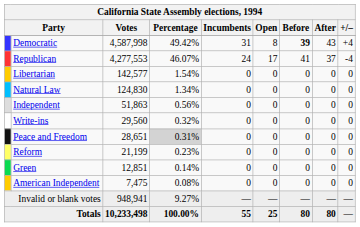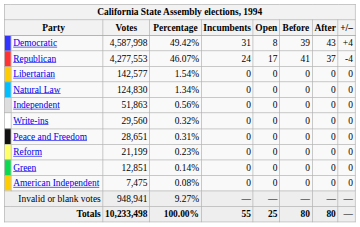 <table class="wikitable" style="font-size:95%;">
 <tr>
 <th colspan="9">California State Assembly elections, 1994</th>
 </tr>
 <tr>
 <th colspan=2 style="width: 10em">Party</th>
 <th style="width: 4em">Votes</th>
 <th style="width: 5em">Percentage</th>
 <th style="width: 5em">Incumbents</th>
 <th style="width: 2em">Open</th>
 <th style="width: 3em">Before</th>
 <th style="width: 2em">After</th>
 <th style="width: 1em">+/–</th>
 </tr>
 <tr>
 </tr>
 <tr>
 <th style="background-color:#3333FF; width: 3px"></th>
 <td style="width: 130px"><a href='#'>Democratic</a></td>
 <td align="right">4,587,998</td>
 <td align="right">49.42%</td>
 <td align="right">31</td>
 <td align="right">8</td>
-<td align="right"><strong>39</strong></td>
+<td align="right">39</td>
 <td align="right">43</td>
 <td align="right">+4</td>
 </tr>
 <tr>
 <th style="background-color:#FF3333; width: 3px"></th>
 <td style="width: 130px"><a href='#'>Republican</a></td>
 <td align="right">4,277,553</td>
 <td align="right">46.07%</td>
 <td align="right">24</td>
 <td align="right">17</td>
 <td align="right">41</td>
 <td align="right">37</td>
 <td align="right">-4</td>
 </tr>
 <tr>
 <th style="background-color:#FFCC00; width: 3px"></th>
 <td style="width: 130px"><a href='#'>Libertarian</a></td>
 <td align="right">142,577</td>
 <td align="right">1.54%</td>
 <td align="right">0</td>
 <td align="right">0</td>
 <td align="right">0</td>
 <td align="right">0</td>
 <td align="right">0</td>
 </tr>
 <tr>
 <th style="background-color:#00BFFF; width: 3px"></th>
 <td style="width: 130px"><a href='#'>Natural Law</a></td>
 <td align="right">124,830</td>
 <td align="right">1.34%</td>
 <td align="right">0</td>
 <td align="right">0</td>
 <td align="right">0</td>
 <td align="right">0</td>
 <td align="right">0</td>
 </tr>
 <tr>
 <th style="background-color:#DDDDDD; width: 3px"></th>
 <td style="width: 130px"><a href='#'>Independent</a></td>
 <td align="right">51,863</td>
 <td align="right">0.56%</td>
 <td align="right">0</td>
 <td align="right">0</td>
 <td align="right">0</td>
 <td align="right">0</td>
 <td align="right">0</td>
 </tr>
 <tr>
 <th style="background-color:#FFFFFF; width: 3px"></th>
 <td style="width: 130px"><a href='#'>Write-ins</a></td>
 <td align="right">29,560</td>
 <td align="right">0.32%</td>
 <td align="right">0</td>
 <td align="right">0</td>
 <td align="right">0</td>
 <td align="right">0</td>
 <td align="right">0</td>
 </tr>
 <tr>
 <th style="background-color:#111111; width: 3px"></th>
 <td style="width: 130px"><a href='#'>Peace and Freedom</a></td>
 <td align="right">28,651</td>
-<td align="right" style="background: lightgrey;">0.31%</td>
+<td align="right">0.31%</td>
 <td align="right">0</td>
 <td align="right">0</td>
 <td align="right">0</td>
 <td align="right">0</td>
 <td align="right">0</td>
 </tr>
 <tr>
 <th style="background-color:#FFFF66; width: 3px"></th>
 <td style="width: 130px"><a href='#'>Reform</a></td>
 <td align="right">21,199</td>
 <td align="right">0.23%</td>
 <td align="right">0</td>
 <td align="right">0</td>
 <td align="right">0</td>
 <td align="right">0</td>
 <td align="right">0</td>
 </tr>
 <tr>
 <th style="background-color:#0BDA51; width: 3px"></th>
 <td style="width: 130px"><a href='#'>Green</a></td>
 <td align="right">12,851</td>
 <td align="right">0.14%</td>
 <td align="right">0</td>
 <td align="right">0</td>
 <td align="right">0</td>
 <td align="right">0</td>
 <td align="right">0</td>
 </tr>
 <tr>
 <th style="background-color:#FFCC00; width: 3px"></th>
 <td style="width: 130px"><a href='#'>American Independent</a></td>
 <td align="right">7,475</td>
 <td align="right">0.08%</td>
 <td align="right">0</td>
 <td align="right">0</td>
 <td align="right">0</td>
 <td align="right">0</td>
 <td align="right">0</td>
 </tr>
 <tr bgcolor="#EEEEEE">
 <td colspan="2" align="right">Invalid or blank votes</td>
 <td align="right">948,941</td>
 <td align="right">9.27%</td>
 <td align="right">—</td>
 <td align="right">—</td>
 <td align="right">—</td>
 <td align="right">—</td>
 <td align="right">—</td>
 </tr>
 <tr bgcolor="#EEEEEE">
 <td colspan="2" align="right"><strong>Totals</strong></td>
 <td align="right"><strong>10,233,498</strong></td>
 <td align="right"><strong>100.00%</strong></td>
 <td align="right"><strong>55</strong></td>
 <td align="right"><strong>25</strong></td>
 <td align="right"><strong>80</strong></td>
 <td align="right"><strong>80</strong></td>
 <td align="right"><strong>—</strong></td>
 </tr>
 </table>
